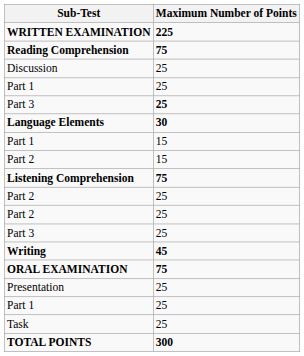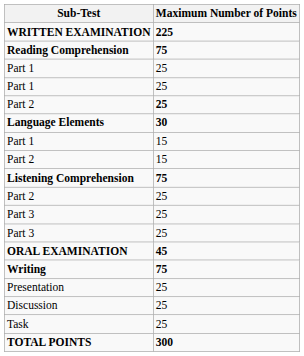 <table class="wikitable">
 <tr>
 <th>Sub-Test</th>
 <th>Maximum Number of Points</th>
 </tr>
 <tr>
 <td><strong>WRITTEN EXAMINATION</strong></td>
 <td><strong>225</strong></td>
 </tr>
 <tr>
 <td><strong>Reading Comprehension</strong></td>
 <td><strong>75</strong></td>
 </tr>
 <tr>
-<td>Discussion</td>
+<td>Part 1</td>
 <td>25</td>
 </tr>
 <tr>
 <td>Part 1</td>
 <td>25</td>
 </tr>
 <tr>
-<td>Part 3</td>
+<td>Part 2</td>
 <td><strong>25</strong></td>
 </tr>
 <tr>
 <td><strong>Language Elements</strong></td>
 <td><strong>30</strong></td>
 </tr>
 <tr>
 <td>Part 1</td>
 <td>15</td>
 </tr>
 <tr>
 <td>Part 2</td>
 <td>15</td>
 </tr>
 <tr>
 <td><strong>Listening Comprehension</strong></td>
 <td><strong>75</strong></td>
 </tr>
 <tr>
 <td>Part 2</td>
 <td>25</td>
 </tr>
 <tr>
-<td>Part 2</td>
+<td>Part 3</td>
 <td>25</td>
 </tr>
 <tr>
 <td>Part 3</td>
 <td>25</td>
 </tr>
 <tr>
-<td><strong>Writing</strong></td>
+<td><strong>ORAL EXAMINATION</strong></td>
 <td><strong>45</strong></td>
 </tr>
 <tr>
-<td><strong>ORAL EXAMINATION</strong></td>
+<td><strong>Writing</strong></td>
 <td><strong>75</strong></td>
 </tr>
 <tr>
 <td>Presentation</td>
 <td>25</td>
 </tr>
 <tr>
-<td>Part 1</td>
+<td>Discussion</td>
 <td>25</td>
 </tr>
 <tr>
 <td>Task</td>
 <td>25</td>
 </tr>
 <tr>
 <td><strong>TOTAL POINTS</strong></td>
 <td><strong>300</strong></td>
 </tr>
 </table>
